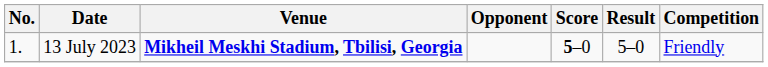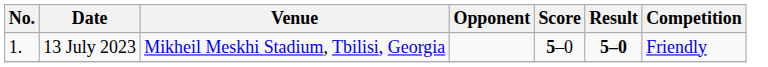 <table class="wikitable">
 <tr>
 <th>No.</th>
 <th>Date</th>
 <th>Venue</th>
 <th>Opponent</th>
 <th>Score</th>
 <th>Result</th>
 <th>Competition</th>
 </tr>
 <tr>
 <td>1.</td>
 <td>13 July 2023</td>
-<td><strong><a href='#'>Mikheil Meskhi Stadium</a>, <a href='#'>Tbilisi</a>, <a href='#'>Georgia</a></strong></td>
+<td><a href='#'>Mikheil Meskhi Stadium</a>, <a href='#'>Tbilisi</a>, <a href='#'>Georgia</a></td>
 <td></td>
 <td align=center><strong>5</strong>–0</td>
-<td align=center>5–0</td>
+<td align=center><strong>5–0</strong></td>
 <td><a href='#'>Friendly</a></td>
 </tr>
 <tr>
 </tr>
 </table>
